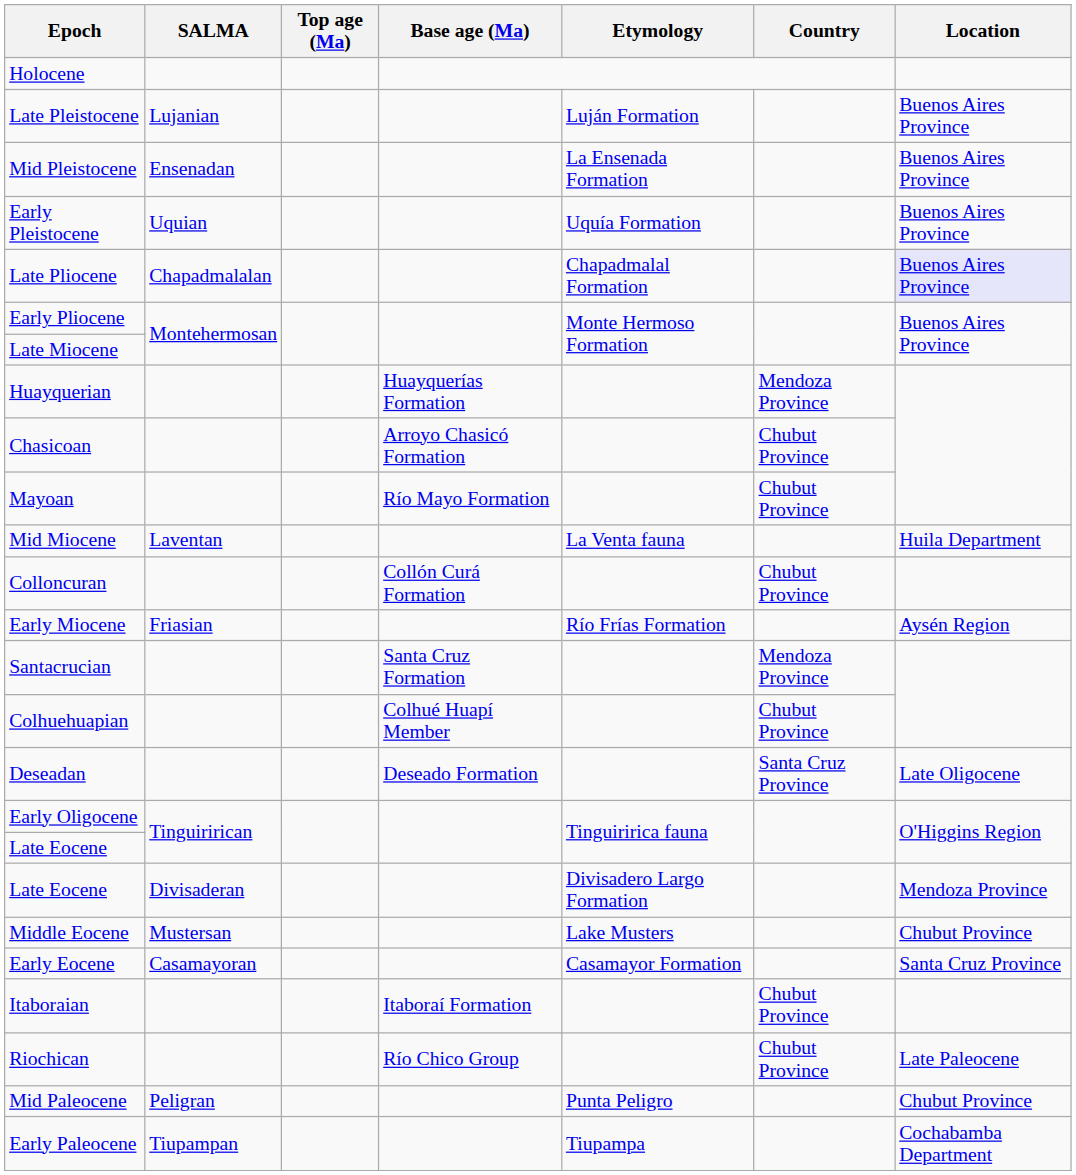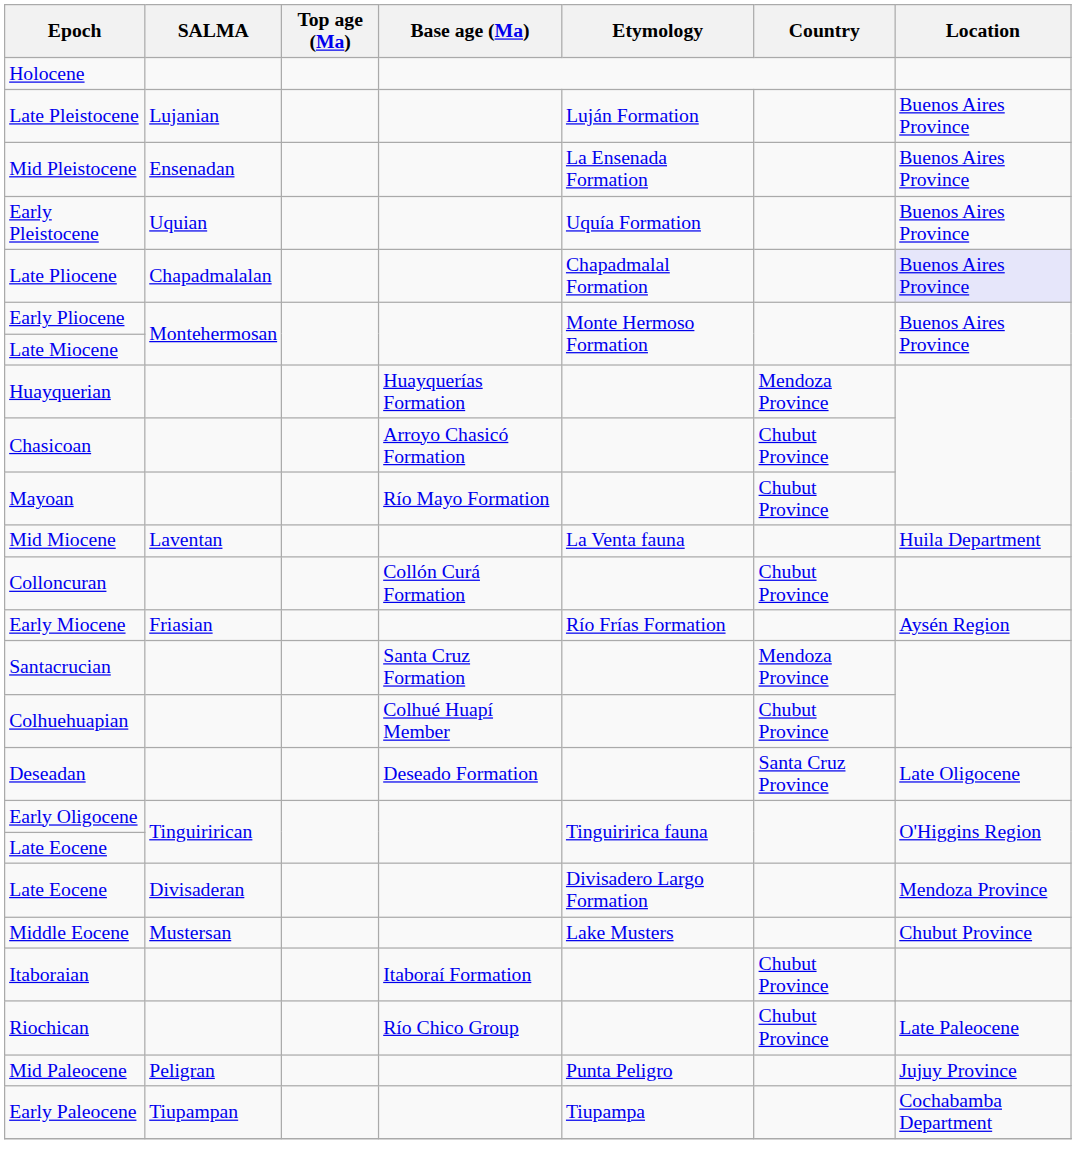 <table class="wikitable sortable">
 <tr>
 <th>Epoch</th>
 <th>SALMA</th>
 <th>Top age (<a href='#'>Ma</a>)</th>
 <th>Base age (<a href='#'>Ma</a>)</th>
 <th>Etymology</th>
 <th>Country</th>
 <th>Location</th>
 </tr>
 <tr>
 <td style="background-color: "><a href='#'>Holocene</a></td>
 <td></td>
 <td></td>
 <td colspan=3></td>
 </tr>
 <tr>
 <td style="background-color: "><a href='#'>Late Pleistocene</a></td>
 <td><a href='#'>Lujanian</a></td>
 <td></td>
 <td></td>
 <td><a href='#'>Luján Formation</a></td>
 <td></td>
 <td><a href='#'>Buenos Aires Province</a></td>
 </tr>
 <tr>
 <td style="background-color: "><a href='#'>Mid Pleistocene</a></td>
 <td><a href='#'>Ensenadan</a></td>
 <td></td>
 <td></td>
 <td><a href='#'>La Ensenada Formation</a></td>
 <td></td>
 <td><a href='#'>Buenos Aires Province</a></td>
 </tr>
 <tr>
 <td style="background-color: "><a href='#'>Early Pleistocene</a></td>
 <td><a href='#'>Uquian</a></td>
 <td></td>
 <td></td>
 <td><a href='#'>Uquía Formation</a></td>
 <td></td>
 <td><a href='#'>Buenos Aires Province</a></td>
 </tr>
 <tr>
 <td style="background-color: "><a href='#'>Late Pliocene</a></td>
 <td><a href='#'>Chapadmalalan</a></td>
 <td></td>
 <td></td>
 <td><a href='#'>Chapadmalal Formation</a></td>
 <td></td>
 <td style="background: lavender;"><a href='#'>Buenos Aires Province</a></td>
 </tr>
 <tr>
 <td style="background-color: "><a href='#'>Early Pliocene</a></td>
 <td rowspan=2><a href='#'>Montehermosan</a></td>
 <td rowspan=2></td>
 <td rowspan=2></td>
 <td rowspan=2><a href='#'>Monte Hermoso Formation</a></td>
 <td rowspan="2"></td>
 <td rowspan=2><a href='#'>Buenos Aires Province</a></td>
 </tr>
 <tr>
 <td style="background-color: "><a href='#'>Late Miocene</a></td>
 </tr>
 <tr>
 <td><a href='#'>Huayquerian</a></td>
 <td></td>
 <td></td>
 <td><a href='#'>Huayquerías Formation</a></td>
 <td></td>
 <td><a href='#'>Mendoza Province</a></td>
 </tr>
 <tr>
 <td><a href='#'>Chasicoan</a></td>
 <td></td>
 <td></td>
 <td><a href='#'>Arroyo Chasicó Formation</a></td>
 <td></td>
 <td><a href='#'>Chubut Province</a></td>
 </tr>
 <tr>
 <td><a href='#'>Mayoan</a></td>
 <td></td>
 <td></td>
 <td><a href='#'>Río Mayo Formation</a></td>
 <td></td>
 <td><a href='#'>Chubut Province</a></td>
 </tr>
 <tr>
 <td style="background-color: "><a href='#'>Mid Miocene</a></td>
 <td><a href='#'>Laventan</a></td>
 <td></td>
 <td></td>
 <td><a href='#'>La Venta fauna</a></td>
 <td></td>
 <td><a href='#'>Huila Department</a></td>
 </tr>
 <tr>
 <td><a href='#'>Colloncuran</a></td>
 <td></td>
 <td></td>
 <td><a href='#'>Collón Curá Formation</a></td>
 <td></td>
 <td><a href='#'>Chubut Province</a></td>
 </tr>
 <tr>
 <td style="background-color: "><a href='#'>Early Miocene</a></td>
 <td><a href='#'>Friasian</a></td>
 <td></td>
 <td></td>
 <td><a href='#'>Río Frías Formation</a></td>
 <td></td>
 <td><a href='#'>Aysén Region</a></td>
 </tr>
 <tr>
 <td><a href='#'>Santacrucian</a></td>
 <td></td>
 <td></td>
 <td><a href='#'>Santa Cruz Formation</a></td>
 <td></td>
 <td><a href='#'>Mendoza Province</a></td>
 </tr>
 <tr>
 <td><a href='#'>Colhuehuapian</a></td>
 <td></td>
 <td></td>
 <td><a href='#'>Colhué Huapí Member</a></td>
 <td></td>
 <td><a href='#'>Chubut Province</a></td>
 </tr>
 <tr>
 <td rowspan=2><a href='#'>Deseadan</a></td>
 <td rowspan=2></td>
 <td rowspan=2></td>
 <td rowspan=2><a href='#'>Deseado Formation</a></td>
 <td rowspan="2"></td>
 <td rowspan=2><a href='#'>Santa Cruz Province</a></td>
 </tr>
 <tr>
 <td style="background-color: "><a href='#'>Late Oligocene</a></td>
 </tr>
 <tr>
 <td style="background-color: "><a href='#'>Early Oligocene</a></td>
 <td rowspan=2><a href='#'>Tinguirirican</a></td>
 <td rowspan=2></td>
 <td rowspan=2></td>
 <td rowspan=2><a href='#'>Tinguiririca fauna</a></td>
 <td rowspan=2></td>
 <td rowspan=2><a href='#'>O'Higgins Region</a></td>
 </tr>
 <tr>
 <td style="background-color: "><a href='#'>Late Eocene</a></td>
 </tr>
 <tr>
 <td style="background-color: "><a href='#'>Late Eocene</a></td>
 <td><a href='#'>Divisaderan</a></td>
 <td></td>
 <td></td>
 <td><a href='#'>Divisadero Largo Formation</a></td>
 <td></td>
 <td><a href='#'>Mendoza Province</a></td>
 </tr>
 <tr>
 <td style="background-color: "><a href='#'>Middle Eocene</a></td>
 <td><a href='#'>Mustersan</a></td>
 <td></td>
 <td></td>
 <td><a href='#'>Lake Musters</a></td>
 <td></td>
 <td><a href='#'>Chubut Province</a></td>
 </tr>
 <tr>
-<td style="background-color: "><a href='#'>Early Eocene</a></td>
-<td><a href='#'>Casamayoran</a></td>
-<td></td>
-<td></td>
-<td><a href='#'>Casamayor Formation</a></td>
-<td></td>
-<td><a href='#'>Santa Cruz Province</a></td>
-</tr>
-<tr>
 <td><a href='#'>Itaboraian</a></td>
 <td></td>
 <td></td>
 <td><a href='#'>Itaboraí Formation</a></td>
 <td></td>
 <td><a href='#'>Chubut Province</a></td>
 </tr>
 <tr>
 <td rowspan=2><a href='#'>Riochican</a></td>
 <td rowspan=2></td>
 <td rowspan=2></td>
 <td rowspan=2><a href='#'>Río Chico Group</a></td>
 <td rowspan="2"></td>
 <td rowspan=2><a href='#'>Chubut Province</a></td>
 </tr>
 <tr>
 <td style="background-color: "><a href='#'>Late Paleocene</a></td>
 </tr>
 <tr>
 <td style="background-color: "><a href='#'>Mid Paleocene</a></td>
 <td><a href='#'>Peligran</a></td>
 <td></td>
 <td></td>
 <td><a href='#'>Punta Peligro</a></td>
 <td></td>
-<td><a href='#'>Chubut Province</a></td>
+<td><a href='#'>Jujuy Province</a></td>
 </tr>
 <tr>
 <td style="background-color: "><a href='#'>Early Paleocene</a></td>
 <td><a href='#'>Tiupampan</a></td>
 <td></td>
 <td></td>
 <td><a href='#'>Tiupampa</a></td>
 <td></td>
 <td><a href='#'>Cochabamba Department</a></td>
 </tr>
 <tr>
 </tr>
 </table>
